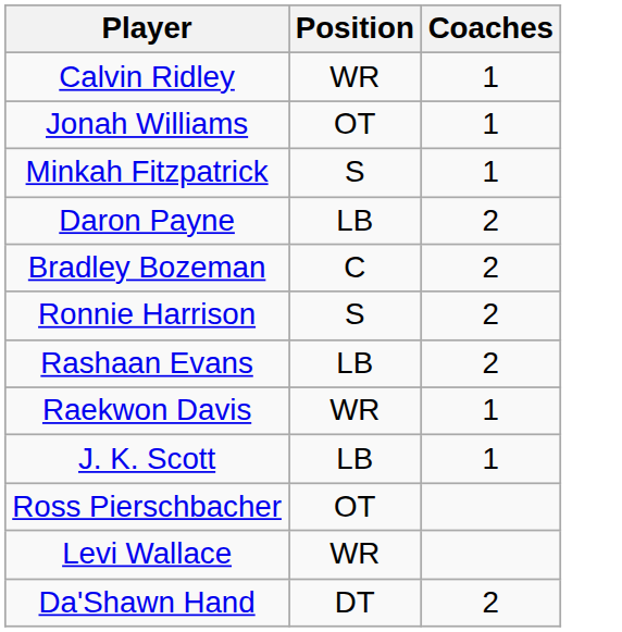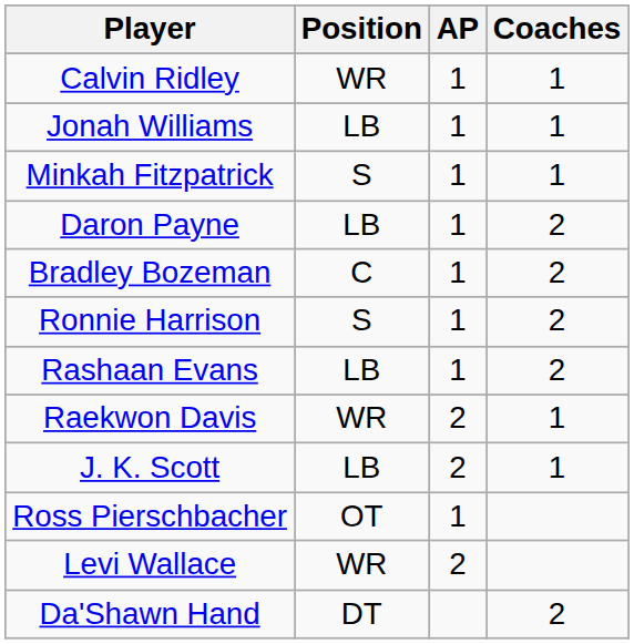 <table class="wikitable sortable sortable" style="text-align: center">
 <tr align=center>
 <th>Player</th>
 <th>Position</th>
+<th>AP</th>
 <th>Coaches</th>
 </tr>
 <tr>
 <td><a href='#'>Calvin Ridley</a></td>
 <td>WR</td>
 <td>1</td>
+<td>1</td>
 </tr>
 <tr>
 <td><a href='#'>Jonah Williams</a></td>
-<td>OT</td>
+<td>LB</td>
+<td>1</td>
 <td>1</td>
 </tr>
 <tr>
 <td><a href='#'>Minkah Fitzpatrick</a></td>
 <td>S</td>
 <td>1</td>
+<td>1</td>
 </tr>
 <tr>
 <td><a href='#'>Daron Payne</a></td>
 <td>LB</td>
+<td>1</td>
 <td>2</td>
 </tr>
 <tr>
 <td><a href='#'>Bradley Bozeman</a></td>
 <td>C</td>
+<td>1</td>
 <td>2</td>
 </tr>
 <tr>
 <td><a href='#'>Ronnie Harrison</a></td>
 <td>S</td>
+<td>1</td>
 <td>2</td>
 </tr>
 <tr>
 <td><a href='#'>Rashaan Evans</a></td>
 <td>LB</td>
+<td>1</td>
 <td>2</td>
 </tr>
 <tr>
 <td><a href='#'>Raekwon Davis</a></td>
 <td>WR</td>
+<td>2</td>
 <td>1</td>
 </tr>
 <tr>
 <td><a href='#'>J. K. Scott</a></td>
 <td>LB</td>
+<td>2</td>
 <td>1</td>
 </tr>
 <tr>
 <td><a href='#'>Ross Pierschbacher</a></td>
 <td>OT</td>
+<td>1</td>
 <td></td>
 </tr>
 <tr>
 <td><a href='#'>Levi Wallace</a></td>
 <td>WR</td>
+<td>2</td>
 <td></td>
 </tr>
 <tr>
 <td><a href='#'>Da'Shawn Hand</a></td>
 <td>DT</td>
+<td></td>
 <td>2</td>
 </tr>
 </table>
